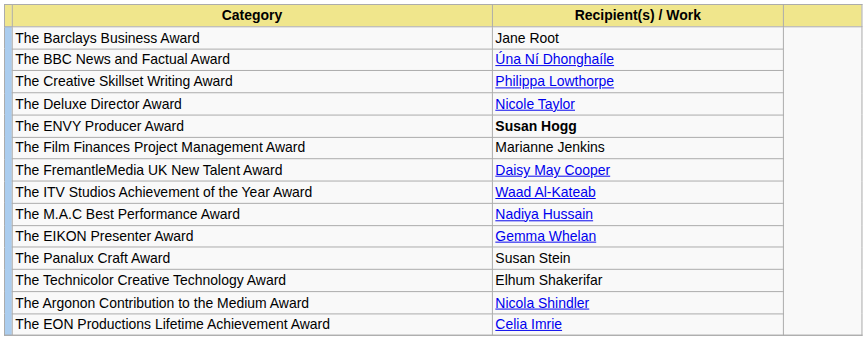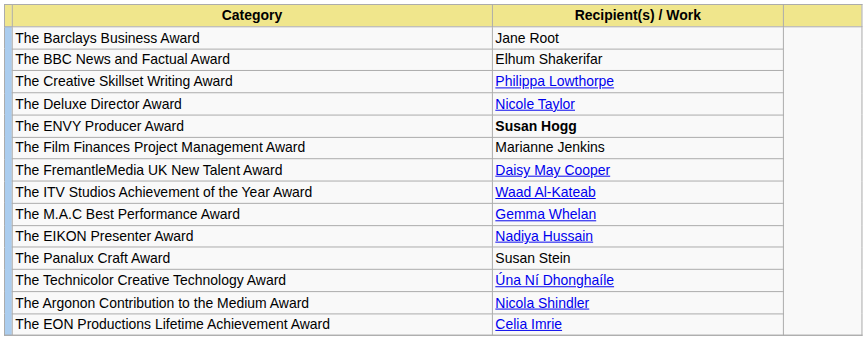 <table class="wikitable" width="70%" scope="col" style="text-align: left; font-size: 90%">
 <tr col>
 <th style="background:#F0E68C" width="1px"></th>
 <th style="background:#F0E68C" width="56%">Category</th>
 <th style="background:#F0E68C" width="34%">Recipient(s) / Work</th>
 <th style="background:#F0E68C" scope="col" class="unsortable"></th>
 </tr>
 <tr>
 <td rowspan="14"  style="background: #abcdef;"></td>
 <td scope="col" style="align:left">The Barclays Business Award</td>
 <td>Jane Root</td>
 <td rowspan="14"></td>
 </tr>
 <tr>
 <td>The BBC News and Factual Award</td>
-<td><a href='#'>Úna Ní Dhonghaíle</a></td>
+<td>Elhum Shakerifar</td>
 </tr>
 <tr>
 <td>The Creative Skillset Writing Award</td>
 <td><a href='#'>Philippa Lowthorpe</a></td>
 </tr>
 <tr>
 <td>The Deluxe Director Award</td>
 <td><a href='#'>Nicole Taylor</a></td>
 </tr>
 <tr>
 <td>The ENVY Producer Award</td>
 <td><strong>Susan Hogg</strong></td>
 </tr>
 <tr>
 <td>The Film Finances Project Management Award</td>
 <td>Marianne Jenkins</td>
 </tr>
 <tr>
 <td>The FremantleMedia UK New Talent Award</td>
 <td><a href='#'>Daisy May Cooper</a></td>
 </tr>
 <tr>
 <td>The ITV Studios Achievement of the Year Award</td>
 <td><a href='#'>Waad Al-Kateab</a></td>
 </tr>
 <tr>
 <td>The M.A.C Best Performance Award</td>
-<td><a href='#'>Nadiya Hussain</a></td>
+<td><a href='#'>Gemma Whelan</a></td>
 </tr>
 <tr>
 <td>The EIKON Presenter Award</td>
-<td><a href='#'>Gemma Whelan</a></td>
+<td><a href='#'>Nadiya Hussain</a></td>
 </tr>
 <tr>
 <td>The Panalux Craft Award</td>
 <td>Susan Stein</td>
 </tr>
 <tr>
 <td>The Technicolor Creative Technology Award</td>
-<td>Elhum Shakerifar</td>
+<td><a href='#'>Úna Ní Dhonghaíle</a></td>
 </tr>
 <tr>
 <td>The Argonon Contribution to the Medium Award</td>
 <td><a href='#'>Nicola Shindler</a></td>
 </tr>
 <tr>
 <td>The EON Productions Lifetime Achievement Award</td>
 <td><a href='#'>Celia Imrie</a></td>
 </tr>
 <tr>
 </tr>
 </table>
